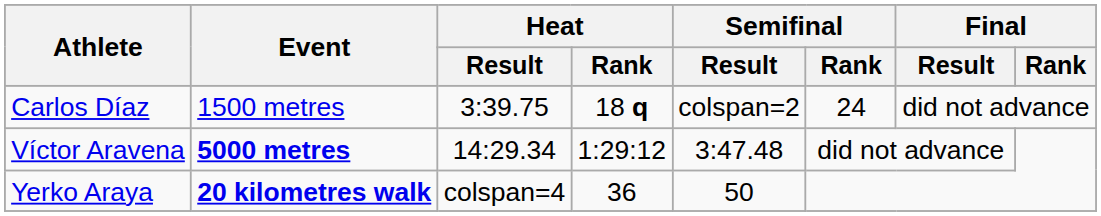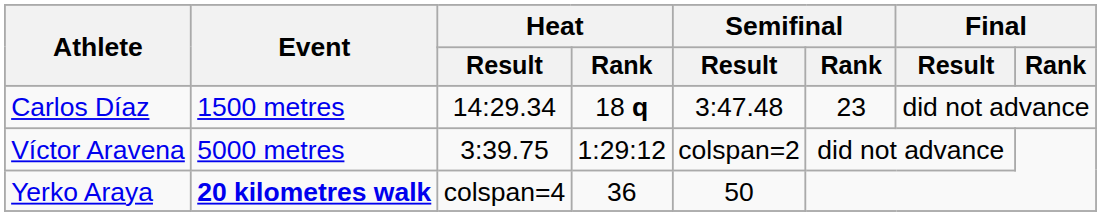 <table class="wikitable" style="font-size:90%">
 <tr>
 <th rowspan="2">Athlete</th>
 <th rowspan="2">Event</th>
 <th colspan="2">Heat</th>
 <th colspan="2">Semifinal</th>
 <th colspan="2">Final</th>
 </tr>
 <tr style="font-size:95%">
 <th>Result</th>
 <th>Rank</th>
 <th>Result</th>
 <th>Rank</th>
 <th>Result</th>
 <th>Rank</th>
 </tr>
 <tr style=text-align:center>
 <td style=text-align:left><a href='#'>Carlos Díaz</a></td>
 <td style=text-align:left><a href='#'>1500 metres</a></td>
-<td>3:39.75</td>
+<td>14:29.34</td>
 <td>18 <strong>q</strong></td>
-<td>colspan=2 </td>
-<td>24</td>
+<td>3:47.48</td>
+<td>23</td>
 <td colspan=2>did not advance</td>
 </tr>
 <tr style=text-align:center>
 <td style=text-align:left><a href='#'>Víctor Aravena</a></td>
-<td style=text-align:left><strong><a href='#'>5000 metres</a></strong></td>
-<td>14:29.34</td>
+<td style=text-align:left><a href='#'>5000 metres</a></td>
+<td>3:39.75</td>
 <td>1:29:12</td>
-<td>3:47.48</td>
+<td>colspan=2 </td>
 <td colspan=2>did not advance</td>
 </tr>
 <tr style=text-align:center>
 <td style=text-align:left><a href='#'>Yerko Araya</a></td>
 <td style=text-align:left><strong><a href='#'>20 kilometres walk</a></strong></td>
 <td>colspan=4 </td>
 <td>36</td>
 <td>50</td>
 </tr>
 </table>
